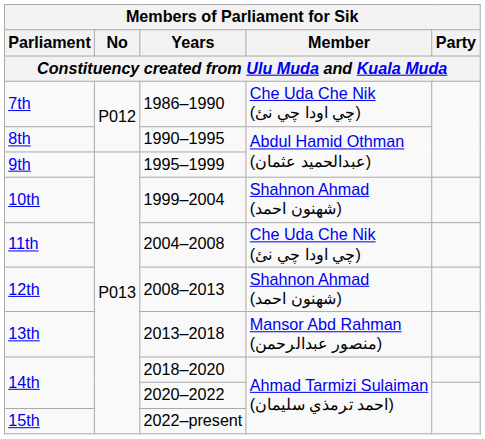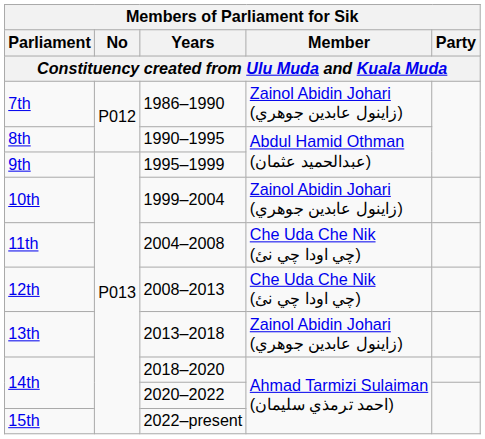 <table class=wikitable>
 <tr>
 <th colspan="5">Members of Parliament for Sik</th>
 </tr>
 <tr>
 <th>Parliament</th>
 <th>No</th>
 <th>Years</th>
 <th>Member</th>
 <th>Party</th>
 </tr>
 <tr>
 <th colspan="5" align="center"><em>Constituency created from <a href='#'>Ulu Muda</a> and <a href='#'>Kuala Muda</a></em></th>
 </tr>
 <tr>
 <td><a href='#'>7th</a></td>
 <td rowspan="2">P012</td>
 <td>1986–1990</td>
-<td><a href='#'>Che Uda Che Nik</a> <br>  (چي اودا چي نئ)</td>
+<td><a href='#'>Zainol Abidin Johari</a> <br>  (زاينول عابدين جوهري)</td>
 <td rowspan="3"></td>
 </tr>
 <tr>
 <td><a href='#'>8th</a></td>
 <td>1990–1995</td>
 <td rowspan=2><a href='#'>Abdul Hamid Othman</a>  <br> (عبدالحميد عثمان)</td>
 </tr>
 <tr>
 <td><a href='#'>9th</a></td>
 <td rowspan="8">P013</td>
 <td>1995–1999</td>
 </tr>
 <tr>
 <td><a href='#'>10th</a></td>
 <td>1999–2004</td>
-<td><a href='#'>Shahnon Ahmad</a> <br>  (شهنون احمد)</td>
+<td><a href='#'>Zainol Abidin Johari</a> <br>  (زاينول عابدين جوهري)</td>
 <td></td>
 </tr>
 <tr>
 <td><a href='#'>11th</a></td>
 <td>2004–2008</td>
 <td><a href='#'>Che Uda Che Nik</a> <br>  (چي اودا چي نئ)</td>
 <td></td>
 </tr>
 <tr>
 <td><a href='#'>12th</a></td>
 <td>2008–2013</td>
-<td><a href='#'>Shahnon Ahmad</a> <br>  (شهنون احمد)</td>
+<td><a href='#'>Che Uda Che Nik</a> <br>  (چي اودا چي نئ)</td>
 <td></td>
 </tr>
 <tr>
 <td><a href='#'>13th</a></td>
 <td>2013–2018</td>
-<td><a href='#'>Mansor Abd Rahman</a> <br>  (منصور عبدالرحمن)</td>
+<td><a href='#'>Zainol Abidin Johari</a> <br>  (زاينول عابدين جوهري)</td>
 <td></td>
 </tr>
 <tr>
 <td rowspan=2><a href='#'>14th</a></td>
 <td>2018–2020</td>
 <td rowspan=3><a href='#'>Ahmad Tarmizi Sulaiman</a>  <br> (احمد ترمذي سليمان)</td>
 <td></td>
 </tr>
 <tr>
 <td>2020–2022</td>
 <td rowspan=2></td>
 </tr>
 <tr>
 <td><a href='#'>15th</a></td>
 <td>2022–present</td>
 </tr>
 </table>
